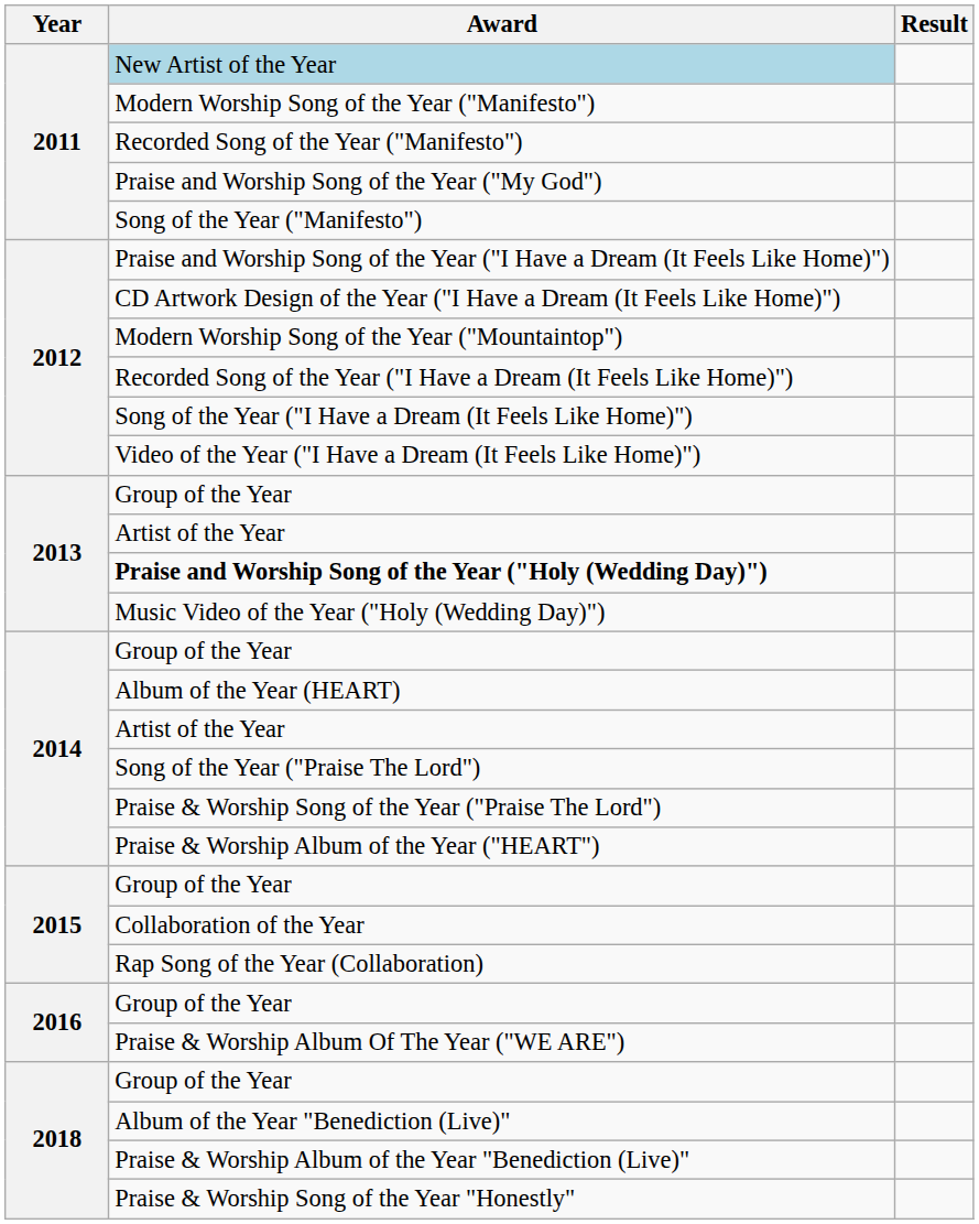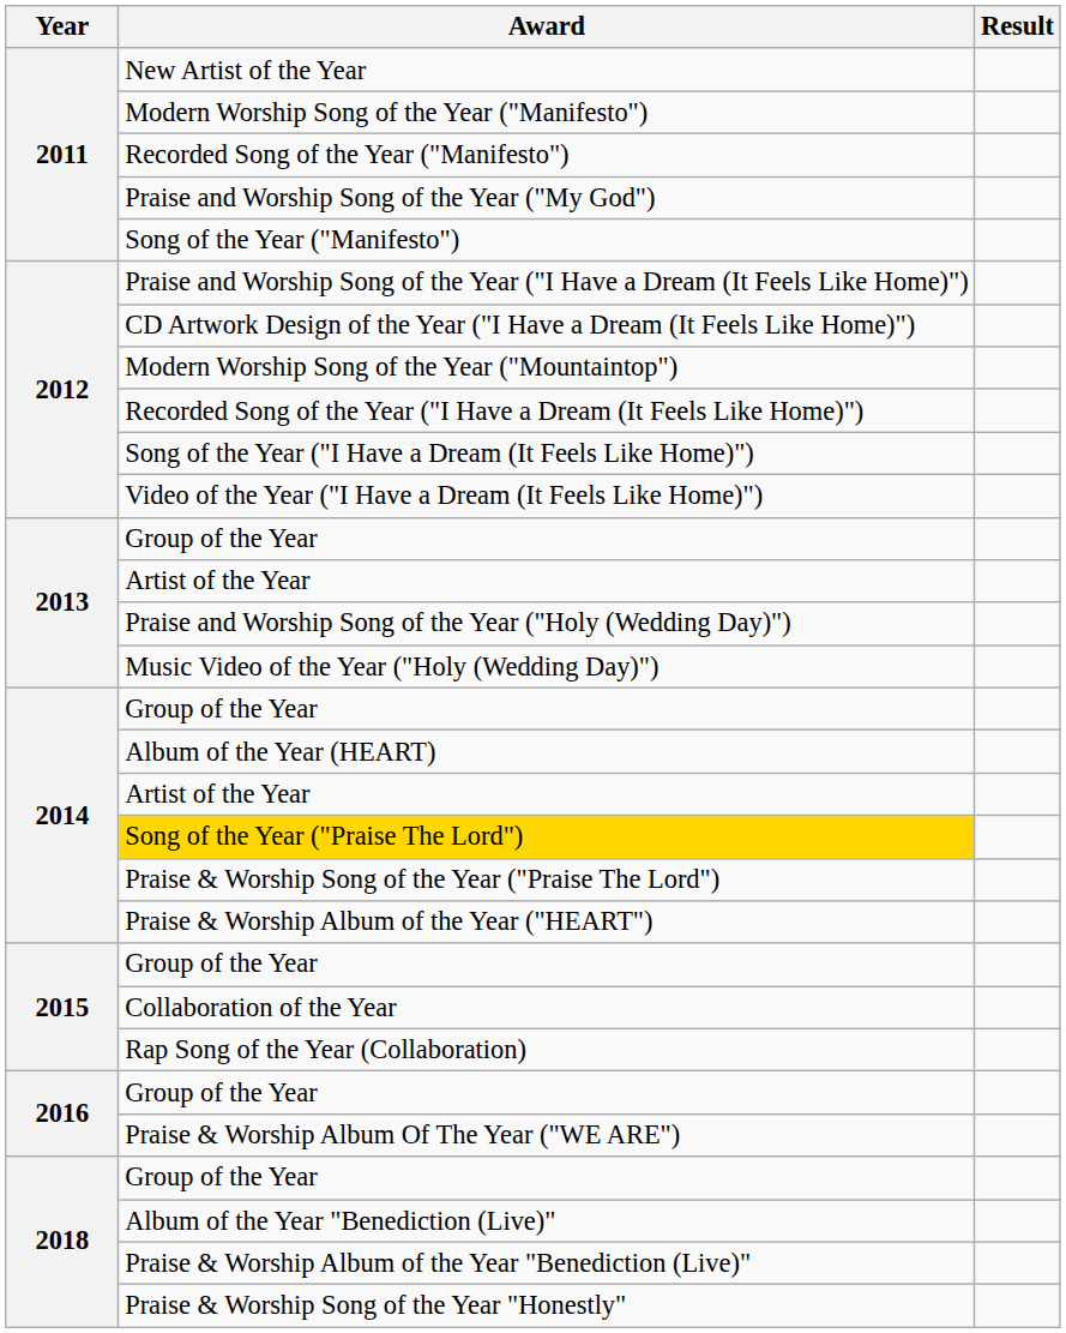 <table class="wikitable">
 <tr>
 <th style="width:60px;">Year</th>
 <th>Award</th>
 <th>Result</th>
 </tr>
 <tr>
 <th rowspan="5">2011</th>
-<td style="background: lightblue;">New Artist of the Year</td>
+<td>New Artist of the Year</td>
 <td></td>
 </tr>
 <tr>
 <td>Modern Worship Song of the Year ("Manifesto")</td>
 <td></td>
 </tr>
 <tr>
 <td>Recorded Song of the Year ("Manifesto")</td>
 <td></td>
 </tr>
 <tr>
 <td>Praise and Worship Song of the Year ("My God")</td>
 <td></td>
 </tr>
 <tr>
 <td>Song of the Year ("Manifesto")</td>
 <td></td>
 </tr>
 <tr>
 <th rowspan="6">2012</th>
 <td>Praise and Worship Song of the Year ("I Have a Dream (It Feels Like Home)")</td>
 <td></td>
 </tr>
 <tr>
 <td>CD Artwork Design of the Year ("I Have a Dream (It Feels Like Home)")</td>
 <td></td>
 </tr>
 <tr>
 <td>Modern Worship Song of the Year ("Mountaintop")</td>
 <td></td>
 </tr>
 <tr>
 <td>Recorded Song of the Year ("I Have a Dream (It Feels Like Home)")</td>
 <td></td>
 </tr>
 <tr>
 <td>Song of the Year ("I Have a Dream (It Feels Like Home)")</td>
 <td></td>
 </tr>
 <tr>
 <td>Video of the Year ("I Have a Dream (It Feels Like Home)")</td>
 <td></td>
 </tr>
 <tr>
 <th rowspan="4">2013</th>
 <td>Group of the Year</td>
 <td></td>
 </tr>
 <tr>
 <td>Artist of the Year</td>
 <td></td>
 </tr>
 <tr>
-<td><strong>Praise and Worship Song of the Year ("Holy (Wedding Day)")</strong></td>
+<td>Praise and Worship Song of the Year ("Holy (Wedding Day)")</td>
 <td></td>
 </tr>
 <tr>
 <td>Music Video of the Year ("Holy (Wedding Day)")</td>
 <td></td>
 </tr>
 <tr>
 <th rowspan="6">2014</th>
 <td>Group of the Year</td>
 <td></td>
 </tr>
 <tr>
 <td>Album of the Year (HEART)</td>
 <td></td>
 </tr>
 <tr>
 <td>Artist of the Year</td>
 <td></td>
 </tr>
 <tr>
-<td>Song of the Year ("Praise The Lord")</td>
+<td style="background: gold;">Song of the Year ("Praise The Lord")</td>
 <td></td>
 </tr>
 <tr>
 <td>Praise & Worship Song of the Year ("Praise The Lord")</td>
 <td></td>
 </tr>
 <tr>
 <td>Praise & Worship Album of the Year ("HEART")</td>
 <td></td>
 </tr>
 <tr>
 <th rowspan="3">2015</th>
 <td>Group of the Year</td>
 <td></td>
 </tr>
 <tr>
 <td>Collaboration of the Year</td>
 <td></td>
 </tr>
 <tr>
 <td>Rap Song of the Year (Collaboration)</td>
 <td></td>
 </tr>
 <tr>
 <th rowspan="2">2016</th>
 <td>Group of the Year</td>
 <td></td>
 </tr>
 <tr>
 <td>Praise & Worship Album Of The Year ("WE ARE")</td>
 <td></td>
 </tr>
 <tr>
 <th rowspan="4">2018</th>
 <td>Group of the Year</td>
 <td></td>
 </tr>
 <tr>
 <td>Album of the Year "Benediction (Live)"</td>
 <td></td>
 </tr>
 <tr>
 <td>Praise & Worship Album of the Year "Benediction (Live)"</td>
 <td></td>
 </tr>
 <tr>
 <td>Praise & Worship Song of the Year "Honestly"</td>
 <td></td>
 </tr>
 <tr>
 </tr>
 </table>
